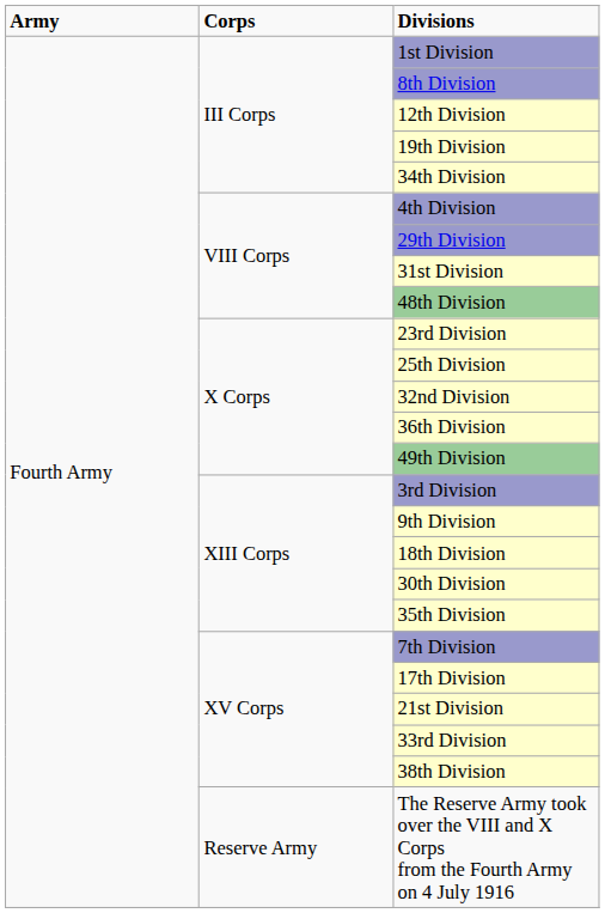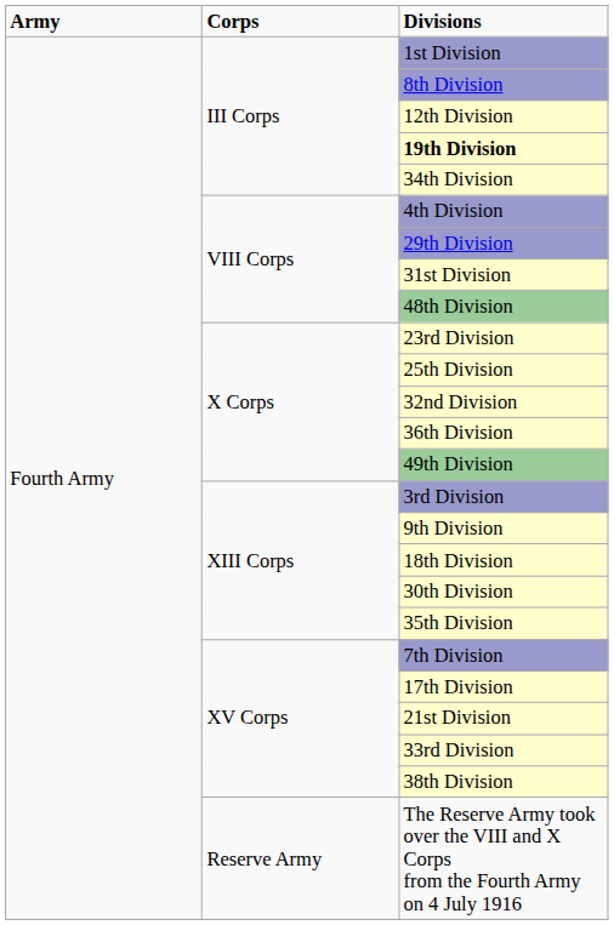 <table class="wikitable">
 <tr>
 <td width="150pt"><strong>Army</strong></td>
 <td width="150pt"><strong>Corps</strong></td>
 <td width="160pt"><strong>Divisions</strong></td>
 </tr>
 <tr>
 <td rowspan="25">Fourth Army</td>
 <td rowspan="5">III Corps</td>
 <td style="background:#9999CC;">1st Division</td>
 </tr>
 <tr>
 <td style="background:#9999CC;"><a href='#'>8th Division</a></td>
 </tr>
 <tr>
 <td style="background:#FFFFCC;">12th Division</td>
 </tr>
 <tr>
-<td style="background:#FFFFCC;">19th Division</td>
+<td style="background:#FFFFCC;"><strong>19th Division</strong></td>
 </tr>
 <tr>
 <td style="background:#FFFFCC;">34th Division</td>
 </tr>
 <tr>
 <td rowspan="4">VIII Corps</td>
 <td style="background:#9999CC;">4th Division</td>
 </tr>
 <tr>
 <td style="background:#9999CC;"><a href='#'>29th Division</a></td>
 </tr>
 <tr>
 <td style="background:#FFFFCC;">31st Division</td>
 </tr>
 <tr>
 <td style="background:#99CC99">48th Division</td>
 </tr>
 <tr>
 <td rowspan="5">X Corps</td>
 <td style="background:#FFFFCC;">23rd Division</td>
 </tr>
 <tr>
 <td style="background:#FFFFCC;">25th Division</td>
 </tr>
 <tr>
 <td style="background:#FFFFCC;">32nd Division</td>
 </tr>
 <tr>
 <td style="background:#FFFFCC;">36th Division</td>
 </tr>
 <tr>
 <td style="background:#99CC99;">49th Division</td>
 </tr>
 <tr>
 <td rowspan="5">XIII Corps</td>
 <td style="background:#9999CC;">3rd Division</td>
 </tr>
 <tr>
 <td style="background:#FFFFCC;">9th Division</td>
 </tr>
 <tr>
 <td style="background:#FFFFCC;">18th Division</td>
 </tr>
 <tr>
 <td style="background:#FFFFCC;">30th Division</td>
 </tr>
 <tr>
 <td style="background:#FFFFCC;">35th Division</td>
 </tr>
 <tr>
 <td rowspan="5">XV Corps</td>
 <td style="background:#9999CC;">7th Division</td>
 </tr>
 <tr>
 <td style="background:#FFFFCC;">17th Division</td>
 </tr>
 <tr>
 <td style="background:#FFFFCC;">21st Division</td>
 </tr>
 <tr>
 <td style="background:#FFFFCC;">33rd Division</td>
 </tr>
 <tr>
 <td style="background:#FFFFCC;">38th Division</td>
 </tr>
 <tr>
 <td>Reserve Army</td>
 <td colspan="2">The Reserve Army took over the VIII and X Corps<br>from the Fourth Army on 4 July 1916</td>
 </tr>
 <tr>
 </tr>
 </table>
